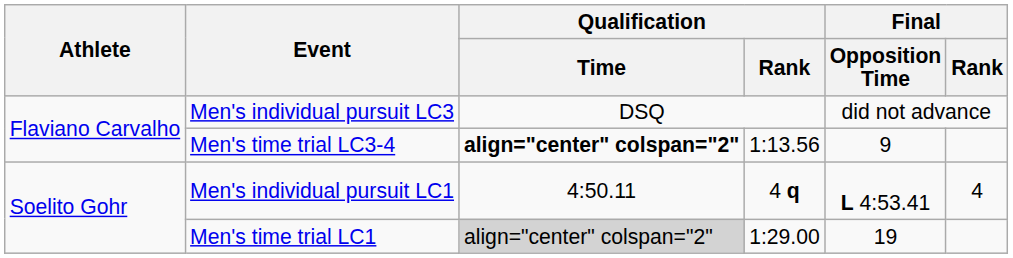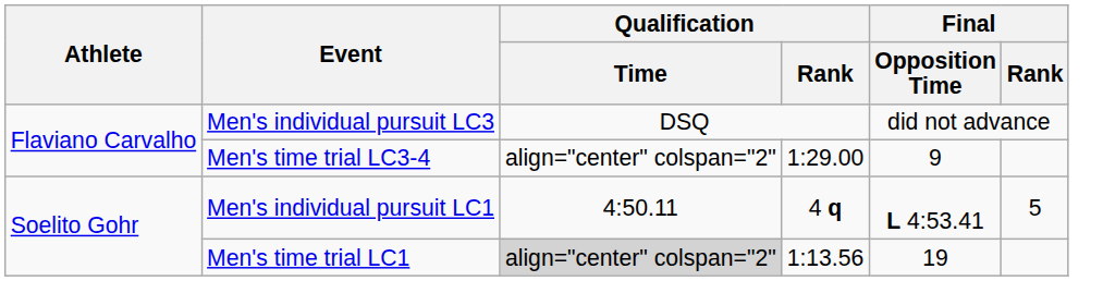 <table class=wikitable style="font-size:90%">
 <tr>
 <th rowspan="2">Athlete</th>
 <th rowspan="2">Event</th>
 <th colspan="2">Qualification</th>
 <th colspan="2">Final</th>
 </tr>
 <tr>
 <th>Time</th>
 <th>Rank</th>
 <th>Opposition<br>Time</th>
 <th>Rank</th>
 </tr>
 <tr>
 <td rowspan="2"><a href='#'>Flaviano Carvalho</a></td>
 <td><a href='#'>Men's individual pursuit LC3</a></td>
 <td align="center" colspan="2">DSQ</td>
 <td align="center" colspan="2">did not advance</td>
 </tr>
 <tr>
 <td><a href='#'>Men's time trial LC3-4</a></td>
-<td><strong>align="center" colspan="2" </strong></td>
-<td align="center">1:13.56</td>
+<td>align="center" colspan="2" </td>
+<td align="center">1:29.00</td>
 <td align="center">9</td>
 </tr>
 <tr>
 <td rowspan="2"><a href='#'>Soelito Gohr</a></td>
 <td><a href='#'>Men's individual pursuit LC1</a></td>
 <td align="center">4:50.11</td>
 <td align="center">4 <strong>q</strong></td>
 <td align="center"><br> <strong>L</strong> 4:53.41</td>
-<td align="center">4</td>
+<td align="center">5</td>
 </tr>
 <tr>
 <td><a href='#'>Men's time trial LC1</a></td>
 <td style="background: lightgrey;">align="center" colspan="2" </td>
-<td align="center">1:29.00</td>
+<td align="center">1:13.56</td>
 <td align="center">19</td>
 </tr>
 </table>
